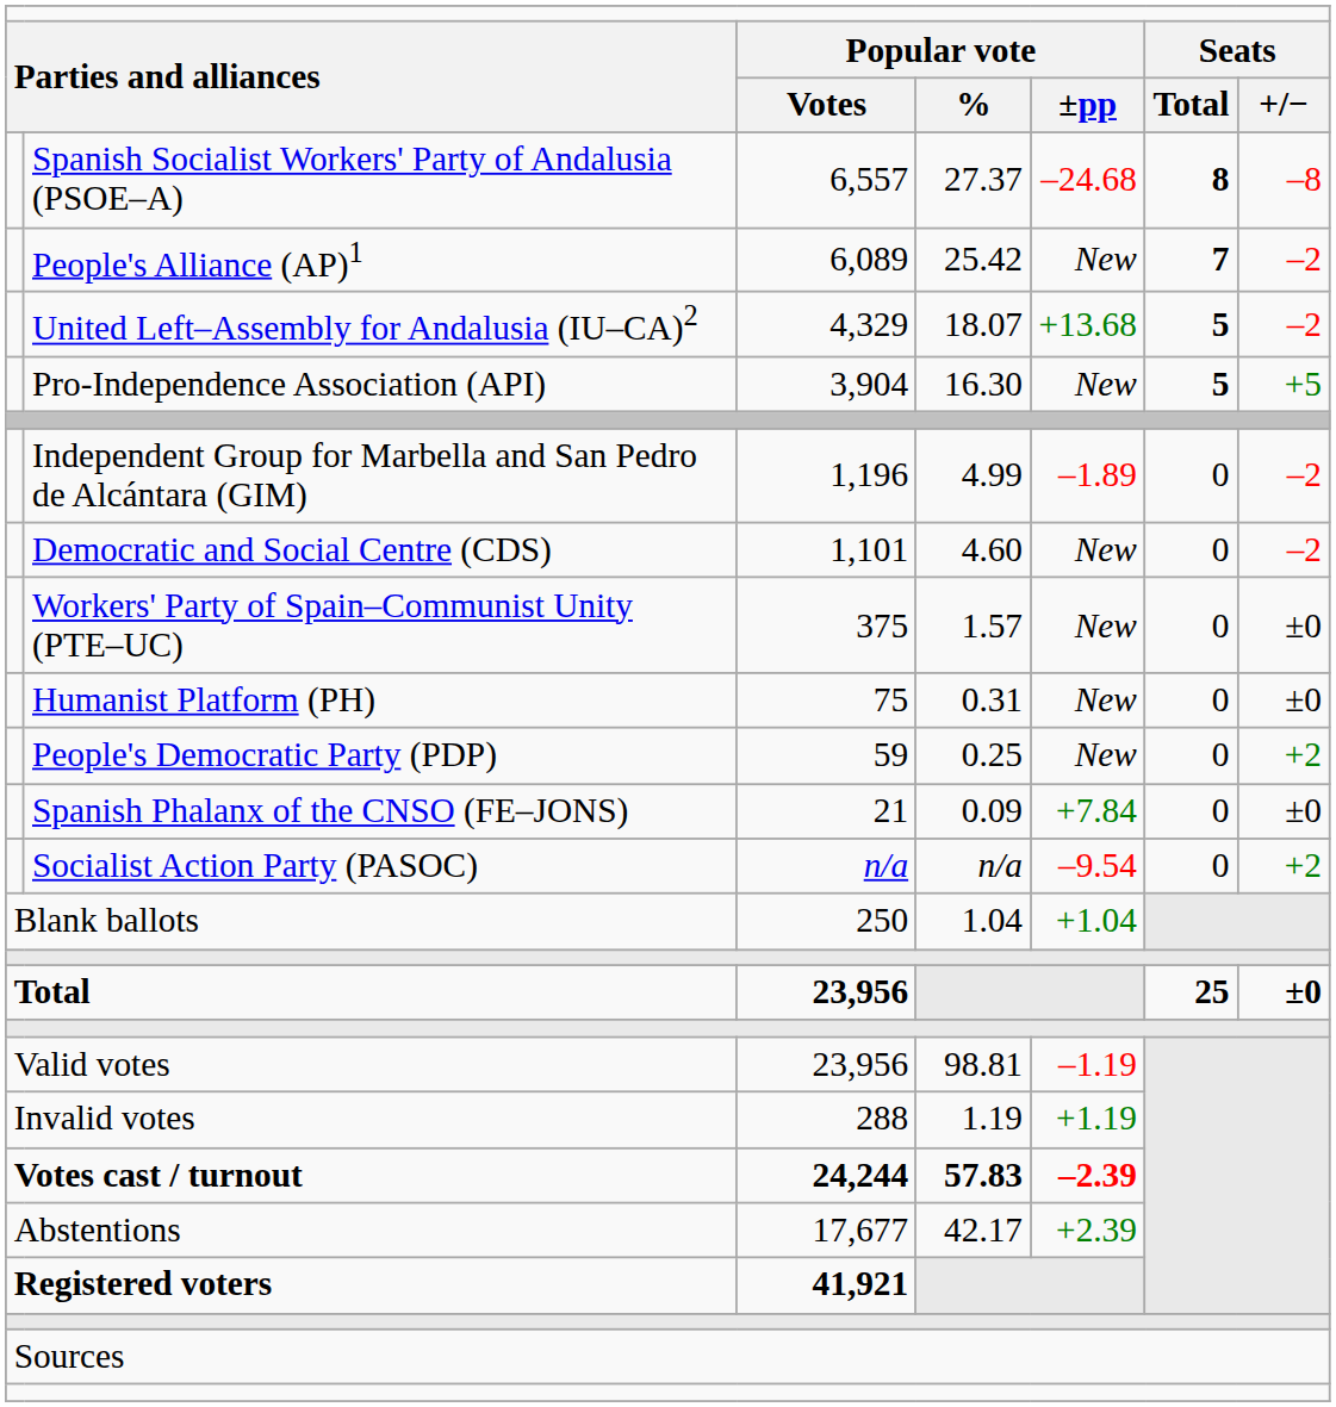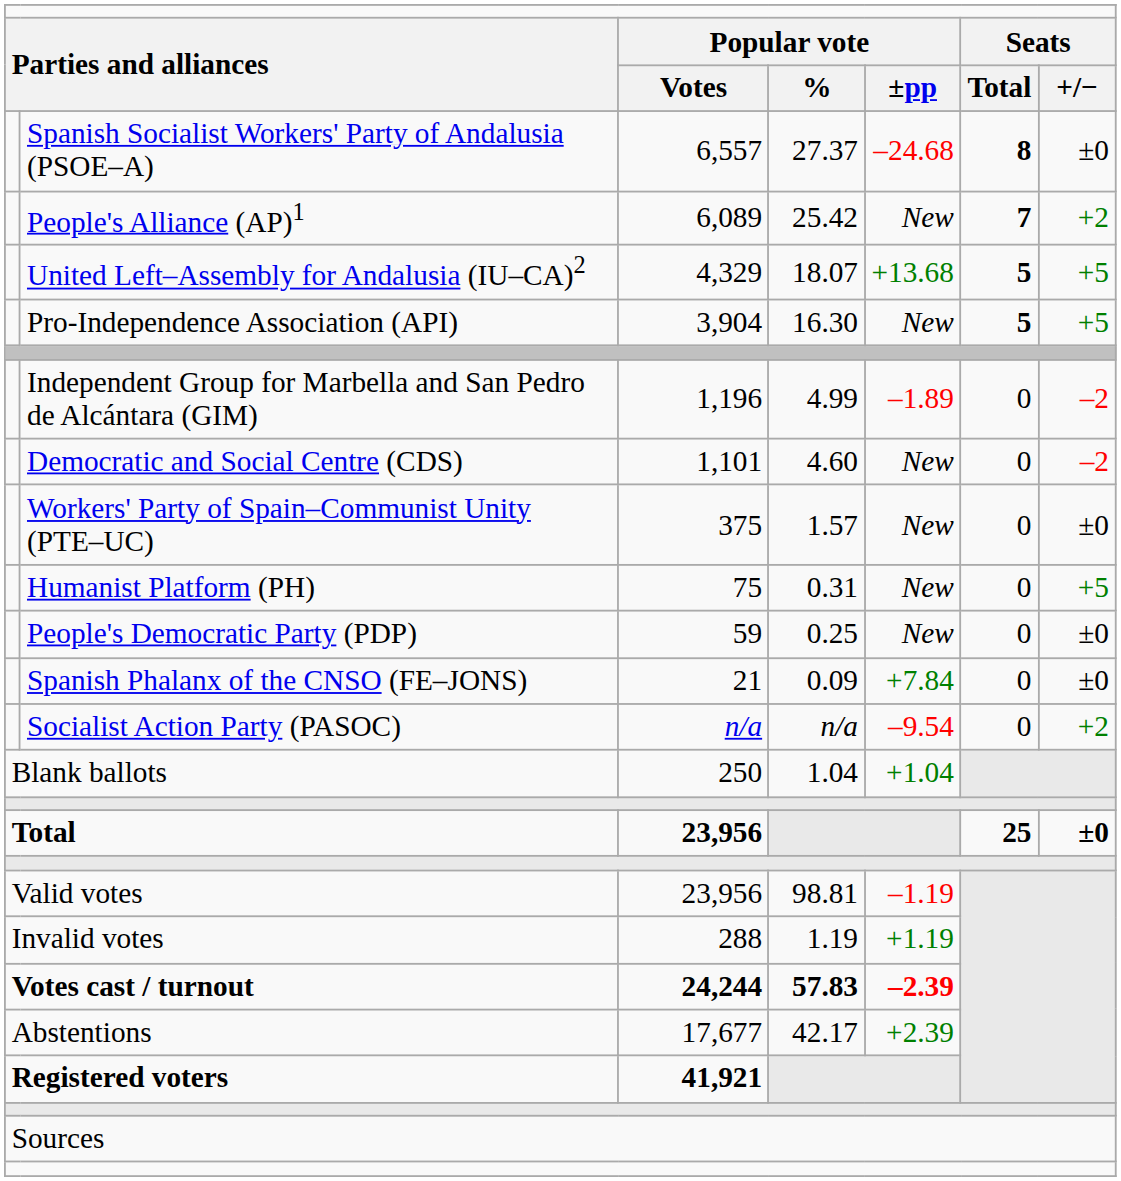 <table class="wikitable" style="text-align:right;">
 <tr>
 <td colspan="7"></td>
 </tr>
 <tr>
 <th style="text-align:left;" rowspan="2" colspan="2" width="525">Parties and alliances</th>
 <th colspan="3">Popular vote</th>
 <th colspan="2">Seats</th>
 </tr>
 <tr>
 <th width="75">Votes</th>
 <th width="45">%</th>
 <th width="45">±<a href='#'>pp</a></th>
 <th width="35">Total</th>
 <th width="35">+/−</th>
 </tr>
 <tr>
 <td width="1" style="color:inherit;background:"></td>
 <td align="left"><a href='#'>Spanish Socialist Workers' Party of Andalusia</a> (PSOE–A)</td>
 <td>6,557</td>
 <td>27.37</td>
 <td style="color:red;">–24.68</td>
 <td><strong>8</strong></td>
-<td style="color:red;">–8</td>
+<td>±0</td>
 </tr>
 <tr>
 <td style="color:inherit;background:"></td>
 <td align="left"><a href='#'>People's Alliance</a> (AP)<sup>1</sup></td>
 <td>6,089</td>
 <td>25.42</td>
 <td><em>New</em></td>
 <td><strong>7</strong></td>
-<td style="color:red;">–2</td>
+<td style="color:green;">+2</td>
 </tr>
 <tr>
 <td style="color:inherit;background:"></td>
 <td align="left"><a href='#'>United Left–Assembly for Andalusia</a> (IU–CA)<sup>2</sup></td>
 <td>4,329</td>
 <td>18.07</td>
 <td style="color:green;">+13.68</td>
 <td><strong>5</strong></td>
-<td style="color:red;">–2</td>
+<td style="color:green;">+5</td>
 </tr>
 <tr>
 <td style="color:inherit;background:"></td>
 <td align="left">Pro-Independence Association (API)</td>
 <td>3,904</td>
 <td>16.30</td>
 <td><em>New</em></td>
 <td><strong>5</strong></td>
 <td style="color:green;">+5</td>
 </tr>
 <tr>
 <td colspan="7" bgcolor="#C0C0C0"></td>
 </tr>
 <tr>
 <td style="color:inherit;background:"></td>
 <td align="left">Independent Group for Marbella and San Pedro de Alcántara (GIM)</td>
 <td>1,196</td>
 <td>4.99</td>
 <td style="color:red;">–1.89</td>
 <td>0</td>
 <td style="color:red;">–2</td>
 </tr>
 <tr>
 <td style="color:inherit;background:"></td>
 <td align="left"><a href='#'>Democratic and Social Centre</a> (CDS)</td>
 <td>1,101</td>
 <td>4.60</td>
 <td><em>New</em></td>
 <td>0</td>
 <td style="color:red;">–2</td>
 </tr>
 <tr>
 <td style="color:inherit;background:"></td>
 <td align="left"><a href='#'>Workers' Party of Spain–Communist Unity</a> (PTE–UC)</td>
 <td>375</td>
 <td>1.57</td>
 <td><em>New</em></td>
 <td>0</td>
 <td>±0</td>
 </tr>
 <tr>
 <td style="color:inherit;background:"></td>
 <td align="left"><a href='#'>Humanist Platform</a> (PH)</td>
 <td>75</td>
 <td>0.31</td>
 <td><em>New</em></td>
 <td>0</td>
-<td>±0</td>
+<td style="color:green;">+5</td>
 </tr>
 <tr>
 <td style="color:inherit;background:"></td>
 <td align="left"><a href='#'>People's Democratic Party</a> (PDP)</td>
 <td>59</td>
 <td>0.25</td>
 <td><em>New</em></td>
 <td>0</td>
-<td style="color:green;">+2</td>
+<td>±0</td>
 </tr>
 <tr>
 <td style="color:inherit;background:"></td>
 <td align="left"><a href='#'>Spanish Phalanx of the CNSO</a> (FE–JONS)</td>
 <td>21</td>
 <td>0.09</td>
 <td style="color:green;">+7.84</td>
 <td>0</td>
 <td>±0</td>
 </tr>
 <tr>
 <td style="color:inherit;background:"></td>
 <td align="left"><a href='#'>Socialist Action Party</a> (PASOC)</td>
 <td><em><a href='#'>n/a</a></em></td>
 <td><em>n/a</em></td>
 <td style="color:red;">–9.54</td>
 <td>0</td>
 <td style="color:green;">+2</td>
 </tr>
 <tr>
 <td align="left" colspan="2">Blank ballots</td>
 <td>250</td>
 <td>1.04</td>
 <td style="color:green;">+1.04</td>
 <td bgcolor="#E9E9E9" colspan="2"></td>
 </tr>
 <tr>
 <td colspan="7" bgcolor="#E9E9E9"></td>
 </tr>
 <tr style="font-weight:bold;">
 <td align="left" colspan="2">Total</td>
 <td>23,956</td>
 <td bgcolor="#E9E9E9" colspan="2"></td>
 <td>25</td>
 <td>±0</td>
 </tr>
 <tr>
 <td colspan="7" bgcolor="#E9E9E9"></td>
 </tr>
 <tr>
 <td align="left" colspan="2">Valid votes</td>
 <td>23,956</td>
 <td>98.81</td>
 <td style="color:red;">–1.19</td>
 <td bgcolor="#E9E9E9" colspan="2" rowspan="5"></td>
 </tr>
 <tr>
 <td align="left" colspan="2">Invalid votes</td>
 <td>288</td>
 <td>1.19</td>
 <td style="color:green;">+1.19</td>
 </tr>
 <tr style="font-weight:bold;">
 <td align="left" colspan="2">Votes cast / turnout</td>
 <td>24,244</td>
 <td>57.83</td>
 <td style="color:red;">–2.39</td>
 </tr>
 <tr>
 <td align="left" colspan="2">Abstentions</td>
 <td>17,677</td>
 <td>42.17</td>
 <td style="color:green;">+2.39</td>
 </tr>
 <tr style="font-weight:bold;">
 <td align="left" colspan="2">Registered voters</td>
 <td>41,921</td>
 <td bgcolor="#E9E9E9" colspan="2"></td>
 </tr>
 <tr>
 <td colspan="7" bgcolor="#E9E9E9"></td>
 </tr>
 <tr>
 <td align="left" colspan="7">Sources</td>
 </tr>
 <tr>
 <td colspan="7" style="text-align:left; max-width:790px;"></td>
 </tr>
 </table>
